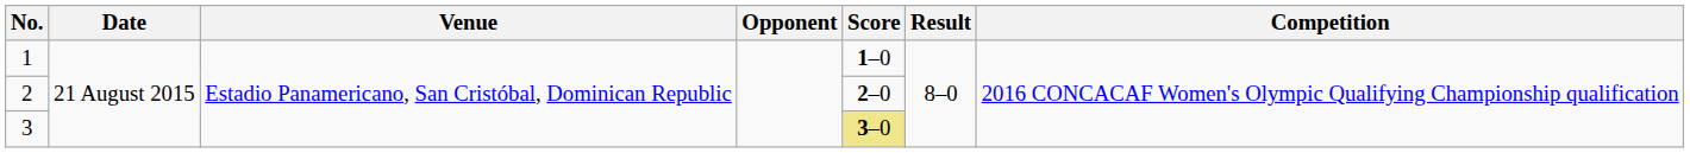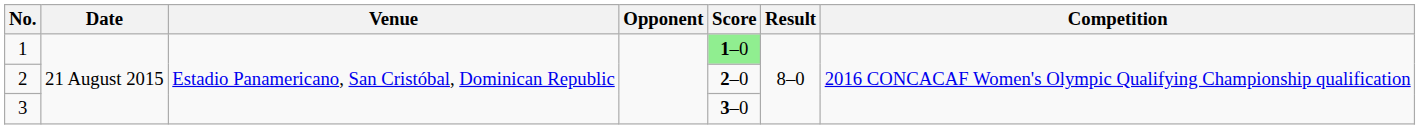 <table class="wikitable">
 <tr>
 <th>No.</th>
 <th>Date</th>
 <th>Venue</th>
 <th>Opponent</th>
 <th>Score</th>
 <th>Result</th>
 <th>Competition</th>
 </tr>
 <tr>
 <td style="text-align:center;">1</td>
 <td rowspan=3>21 August 2015</td>
 <td rowspan=3><a href='#'>Estadio Panamericano</a>, <a href='#'>San Cristóbal</a>, <a href='#'>Dominican Republic</a></td>
 <td rowspan=3></td>
-<td style="text-align:center;"><strong>1</strong>–0</td>
+<td style="background: lightgreen; text-align:center;"><strong>1</strong>–0</td>
 <td rowspan=3 style="text-align:center;">8–0</td>
 <td rowspan=3><a href='#'>2016 CONCACAF Women's Olympic Qualifying Championship qualification</a></td>
 </tr>
 <tr style="text-align:center;">
 <td>2</td>
 <td><strong>2</strong>–0</td>
 </tr>
 <tr style="text-align:center;">
 <td>3</td>
-<td style="background: khaki;"><strong>3</strong>–0</td>
+<td><strong>3</strong>–0</td>
 </tr>
 </table>
